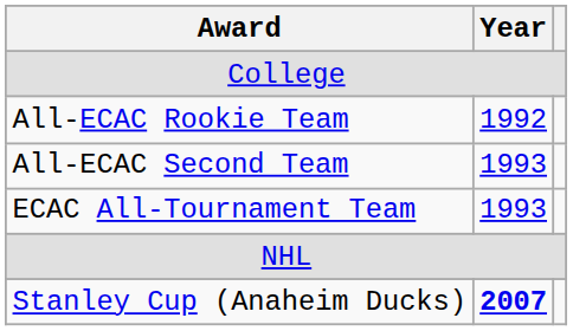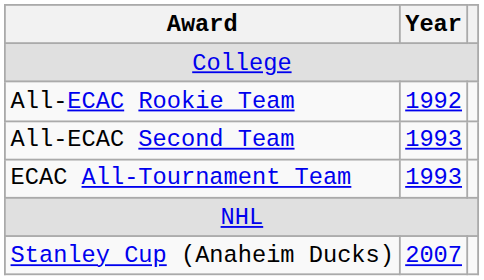 <table class="wikitable">
 <tr>
 <th>Award</th>
 <th>Year</th>
 <th></th>
 </tr>
 <tr ALIGN="center" bgcolor="#e0e0e0">
 <td colspan="3"><a href='#'>College</a></td>
 </tr>
 <tr>
 <td>All-<a href='#'>ECAC</a> <a href='#'>Rookie Team</a></td>
 <td><a href='#'>1992</a></td>
 <td></td>
 </tr>
 <tr>
 <td>All-ECAC <a href='#'>Second Team</a></td>
 <td><a href='#'>1993</a></td>
 <td></td>
 </tr>
 <tr>
 <td>ECAC <a href='#'>All-Tournament Team</a></td>
 <td><a href='#'>1993</a></td>
 <td></td>
 </tr>
 <tr ALIGN="center" bgcolor="#e0e0e0">
 <td colspan="3"><a href='#'>NHL</a></td>
 </tr>
 <tr>
 <td><a href='#'>Stanley Cup</a> (Anaheim Ducks)</td>
-<td><strong><a href='#'>2007</a></strong></td>
+<td><a href='#'>2007</a></td>
 <td></td>
 </tr>
 </table>
